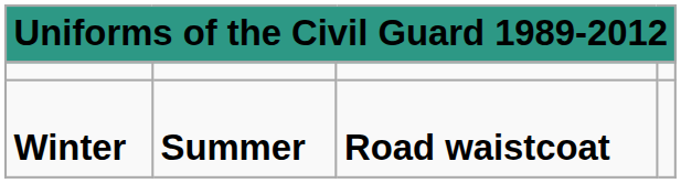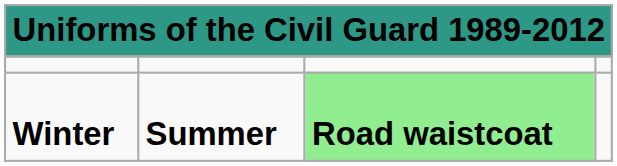 <table class="wikitable">
 <tr bgcolor="#2d9885">
 <td colspan=4 style="text-align:center;"><strong>Uniforms of the Civil Guard 1989-2012</strong></td>
 </tr>
 <tr style="text-align:center;">
 </tr>
 <tr>
 <td></td>
 <td></td>
 <td></td>
 <td></td>
 </tr>
 <tr>
 <td><br><strong>Winter</strong></td>
 <td><br><strong>Summer</strong></td>
-<td><br><strong>Road waistcoat</strong></td>
+<td style="background: lightgreen;"><br><strong>Road waistcoat</strong></td>
 <td></td>
 </tr>
 </table>
